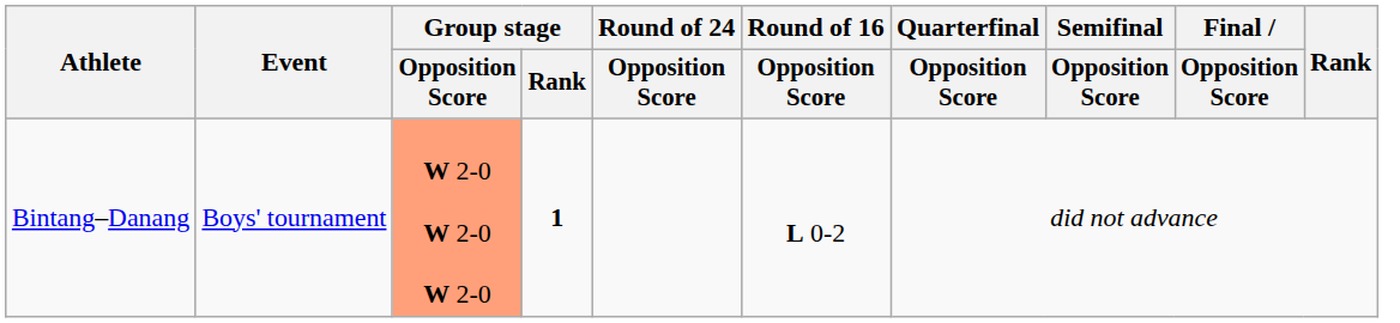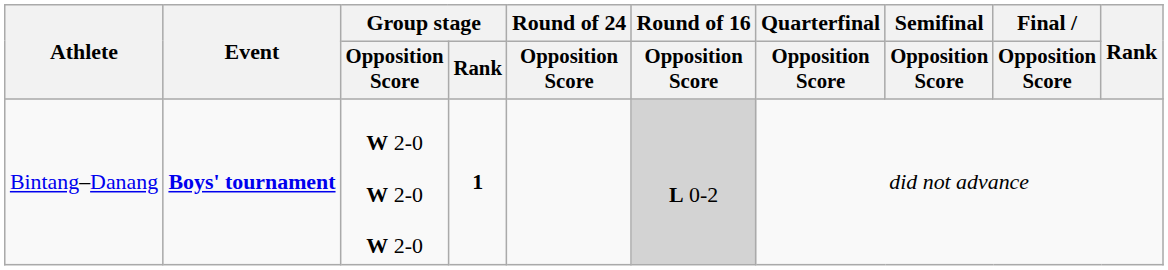 <table class="wikitable" style="font-size:90%">
 <tr>
 <th rowspan=2>Athlete</th>
 <th rowspan=2>Event</th>
 <th Colspan=2>Group stage</th>
 <th>Round of 24</th>
 <th>Round of 16</th>
 <th>Quarterfinal</th>
 <th>Semifinal</th>
 <th>Final / </th>
 <th rowspan=2>Rank</th>
 </tr>
 <tr style="font-size:95%">
 <th>Opposition<br>Score</th>
 <th>Rank</th>
 <th>Opposition<br>Score</th>
 <th>Opposition<br>Score</th>
 <th>Opposition<br>Score</th>
 <th>Opposition<br>Score</th>
 <th>Opposition<br>Score</th>
 </tr>
 <tr align=center>
 <td><a href='#'>Bintang</a>–<a href='#'>Danang</a></td>
-<td><a href='#'>Boys' tournament</a></td>
-<td style="background: lightsalmon;"><br> <strong>W</strong> 2-0 <br><br> <strong>W</strong> 2-0 <br> <br> <strong>W</strong> 2-0</td>
+<td><strong><a href='#'>Boys' tournament</a></strong></td>
+<td><br> <strong>W</strong> 2-0 <br><br> <strong>W</strong> 2-0 <br> <br> <strong>W</strong> 2-0</td>
 <td><strong>1</strong></td>
 <td></td>
-<td><br> <strong>L</strong> 0-2</td>
+<td style="background: lightgrey;"><br> <strong>L</strong> 0-2</td>
 <td Colspan=4><em>did not advance</em></td>
 </tr>
 </table>
